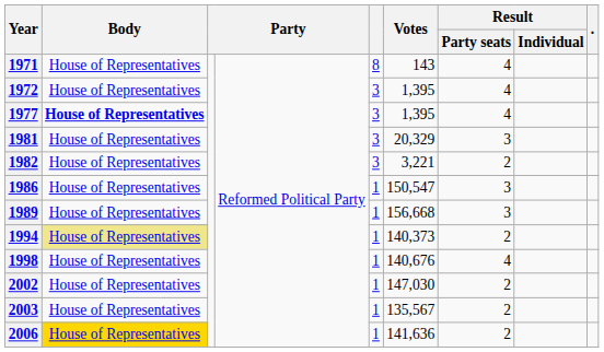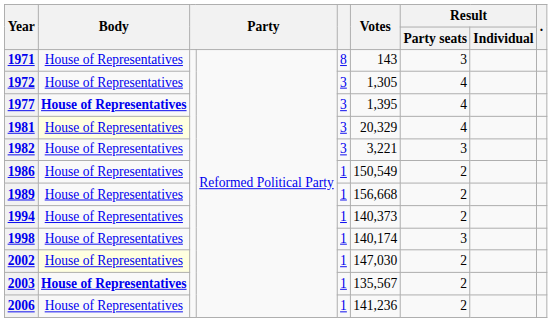 <table class="wikitable plainrowheaders sortable" border=2 cellpadding=4 cellspacing=0 style="border: 1px #aaa solid; font-size: 90%; text-align:center;">
 <tr>
 <th scope="col" rowspan=2>Year</th>
 <th scope="col" rowspan=2>Body</th>
 <th scope="col" colspan=2 rowspan=2>Party</th>
 <th scope="col" rowspan=2></th>
 <th scope="col" rowspan=2>Votes</th>
 <th scope="colgroup" colspan=2>Result</th>
 <th scope="col" rowspan=2 class="unsortable">.</th>
 </tr>
 <tr>
 <th scope="col">Party seats</th>
 <th scope="col">Individual</th>
 </tr>
 <tr>
 <th scope="row"><a href='#'>1971</a></th>
 <td><a href='#'>House of Representatives</a></td>
 <td rowspan="12" style="background-color:"></td>
 <td rowspan="12"><a href='#'>Reformed Political Party</a></td>
 <td style=text-align:right><a href='#'>8</a></td>
 <td style=text-align:right>143</td>
-<td style=text-align:right>4</td>
+<td style=text-align:right>3</td>
 <td></td>
 <td></td>
 </tr>
 <tr>
 <th scope="row"><a href='#'>1972</a></th>
 <td><a href='#'>House of Representatives</a></td>
 <td style=text-align:right><a href='#'>3</a></td>
-<td style=text-align:right>1,395</td>
+<td style=text-align:right>1,305</td>
 <td style=text-align:right>4</td>
 <td></td>
 <td></td>
 </tr>
 <tr>
 <th scope="row"><a href='#'>1977</a></th>
 <td><strong><a href='#'>House of Representatives</a></strong></td>
 <td style=text-align:right><a href='#'>3</a></td>
 <td style=text-align:right>1,395</td>
 <td style=text-align:right>4</td>
 <td></td>
 <td></td>
 </tr>
 <tr>
 <th scope="row"><a href='#'>1981</a></th>
-<td><a href='#'>House of Representatives</a></td>
+<td style="background: lightyellow;"><a href='#'>House of Representatives</a></td>
 <td style=text-align:right><a href='#'>3</a></td>
 <td style=text-align:right>20,329</td>
-<td style=text-align:right>3</td>
+<td style=text-align:right>4</td>
 <td></td>
 <td></td>
 </tr>
 <tr>
 <th scope="row"><a href='#'>1982</a></th>
 <td><a href='#'>House of Representatives</a></td>
 <td style=text-align:right><a href='#'>3</a></td>
 <td style=text-align:right>3,221</td>
-<td style=text-align:right>2</td>
+<td style=text-align:right>3</td>
 <td></td>
 <td></td>
 </tr>
 <tr>
 <th scope="row"><a href='#'>1986</a></th>
 <td><a href='#'>House of Representatives</a></td>
 <td style=text-align:right><a href='#'>1</a></td>
-<td style=text-align:right>150,547</td>
-<td style=text-align:right>3</td>
+<td style=text-align:right>150,549</td>
+<td style=text-align:right>2</td>
 <td></td>
 <td></td>
 </tr>
 <tr>
 <th scope="row"><a href='#'>1989</a></th>
 <td><a href='#'>House of Representatives</a></td>
 <td style=text-align:right><a href='#'>1</a></td>
 <td style=text-align:right>156,668</td>
-<td style=text-align:right>3</td>
+<td style=text-align:right>2</td>
 <td></td>
 <td></td>
 </tr>
 <tr>
 <th scope="row"><a href='#'>1994</a></th>
-<td style="background: khaki;"><a href='#'>House of Representatives</a></td>
+<td><a href='#'>House of Representatives</a></td>
 <td style=text-align:right><a href='#'>1</a></td>
 <td style=text-align:right>140,373</td>
 <td style=text-align:right>2</td>
 <td></td>
 <td></td>
 </tr>
 <tr>
 <th scope="row"><a href='#'>1998</a></th>
 <td><a href='#'>House of Representatives</a></td>
 <td style=text-align:right><a href='#'>1</a></td>
-<td style=text-align:right>140,676</td>
-<td style=text-align:right>4</td>
+<td style=text-align:right>140,174</td>
+<td style=text-align:right>3</td>
 <td></td>
 <td></td>
 </tr>
 <tr>
 <th scope="row"><a href='#'>2002</a></th>
-<td><a href='#'>House of Representatives</a></td>
+<td style="background: lightyellow;"><a href='#'>House of Representatives</a></td>
 <td style=text-align:right><a href='#'>1</a></td>
 <td style=text-align:right>147,030</td>
 <td style=text-align:right>2</td>
 <td></td>
 <td></td>
 </tr>
 <tr>
 <th scope="row"><a href='#'>2003</a></th>
-<td><a href='#'>House of Representatives</a></td>
+<td><strong><a href='#'>House of Representatives</a></strong></td>
 <td style=text-align:right><a href='#'>1</a></td>
 <td style=text-align:right>135,567</td>
 <td style=text-align:right>2</td>
 <td></td>
 <td></td>
 </tr>
 <tr>
 <th scope="row"><a href='#'>2006</a></th>
-<td style="background: gold;"><a href='#'>House of Representatives</a></td>
+<td><a href='#'>House of Representatives</a></td>
 <td style=text-align:right><a href='#'>1</a></td>
-<td style=text-align:right>141,636</td>
+<td style=text-align:right>141,236</td>
 <td style=text-align:right>2</td>
 <td></td>
 <td></td>
 </tr>
 </table>
